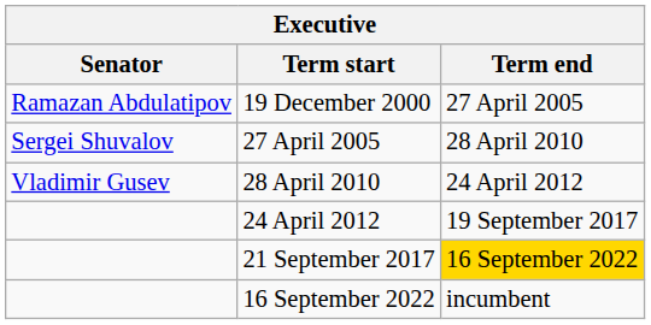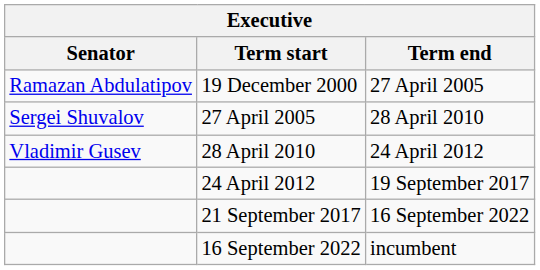 <table class="wikitable sortable">
 <tr>
 <th colspan=3>Executive</th>
 </tr>
 <tr>
 <th>Senator</th>
 <th>Term start</th>
 <th>Term end</th>
 </tr>
 <tr>
 <td><a href='#'>Ramazan Abdulatipov</a></td>
 <td>19 December 2000</td>
 <td>27 April 2005</td>
 </tr>
 <tr>
 <td><a href='#'>Sergei Shuvalov</a></td>
 <td>27 April 2005</td>
 <td>28 April 2010</td>
 </tr>
 <tr>
 <td><a href='#'>Vladimir Gusev</a></td>
 <td>28 April 2010</td>
 <td>24 April 2012</td>
 </tr>
 <tr>
 <td></td>
 <td>24 April 2012</td>
 <td>19 September 2017</td>
 </tr>
 <tr>
 <td></td>
 <td>21 September 2017</td>
-<td style="background: gold;">16 September 2022</td>
+<td>16 September 2022</td>
 </tr>
 <tr>
 <td></td>
 <td>16 September 2022</td>
 <td>incumbent</td>
 </tr>
 </table>
